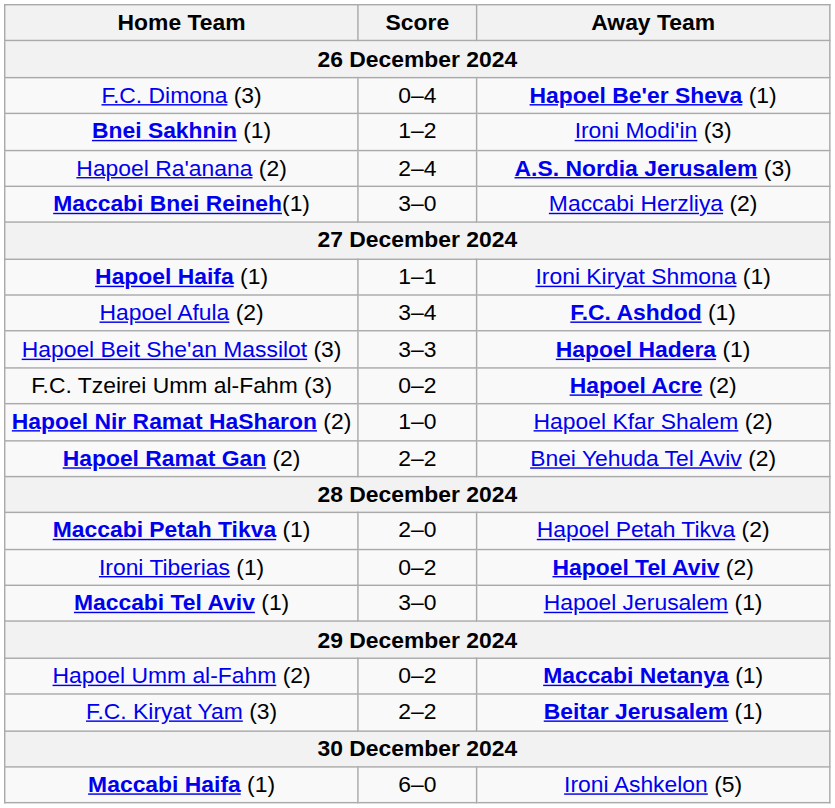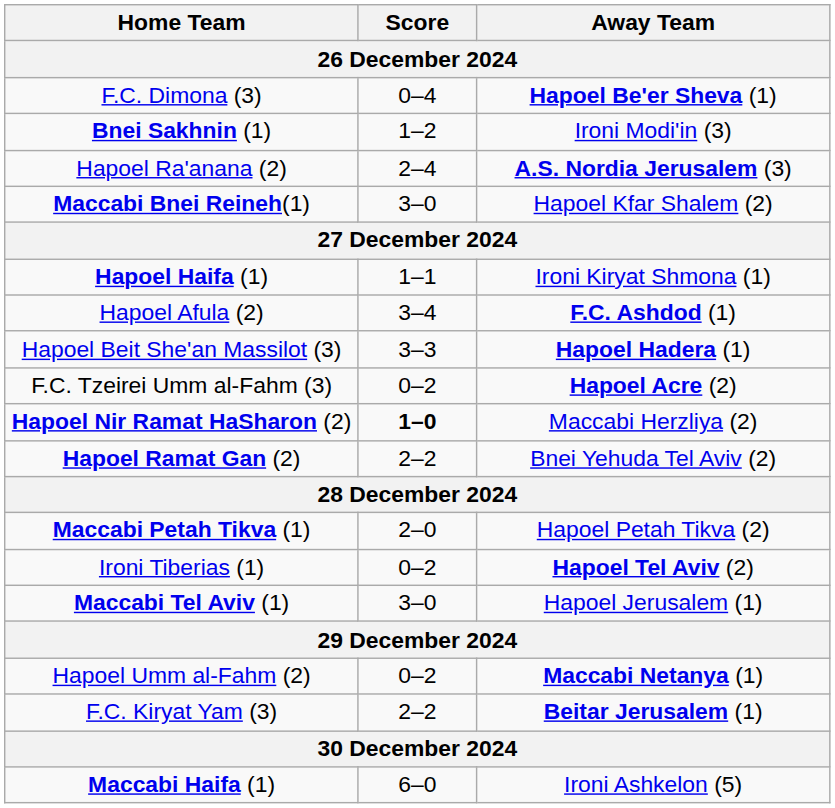 <table class="wikitable" style="text-align: center;">
 <tr>
 <th width="240px">Home Team</th>
 <th width="75px">Score</th>
 <th width="240px">Away Team</th>
 </tr>
 <tr>
 <th colspan=3>26 December 2024</th>
 </tr>
 <tr>
 <td><a href='#'>F.C. Dimona</a> (3)</td>
 <td>0–4</td>
 <td><strong><a href='#'>Hapoel Be'er Sheva</a></strong> (1)</td>
 </tr>
 <tr>
 <td><strong><a href='#'>Bnei Sakhnin</a></strong> (1)</td>
 <td>1–2</td>
 <td><a href='#'>Ironi Modi'in</a> (3)</td>
 </tr>
 <tr>
 <td><a href='#'>Hapoel Ra'anana</a> (2)</td>
 <td>2–4</td>
 <td><strong><a href='#'>A.S. Nordia Jerusalem</a></strong> (3)</td>
 </tr>
 <tr>
 <td><strong><a href='#'>Maccabi Bnei Reineh</a></strong>(1)</td>
 <td>3–0</td>
-<td><a href='#'>Maccabi Herzliya</a> (2)</td>
+<td><a href='#'>Hapoel Kfar Shalem</a> (2)</td>
 </tr>
 <tr>
 <th colspan=3>27 December 2024</th>
 </tr>
 <tr>
 <td><strong><a href='#'>Hapoel Haifa</a></strong> (1)</td>
 <td>1–1 </td>
 <td><a href='#'>Ironi Kiryat Shmona</a> (1)</td>
 </tr>
 <tr>
 <td><a href='#'>Hapoel Afula</a> (2)</td>
 <td>3–4 </td>
 <td><strong><a href='#'>F.C. Ashdod</a></strong> (1)</td>
 </tr>
 <tr>
 <td><a href='#'>Hapoel Beit She'an Massilot</a> (3)</td>
 <td>3–3 </td>
 <td><strong><a href='#'>Hapoel Hadera</a></strong> (1)</td>
 </tr>
 <tr>
 <td>F.C. Tzeirei Umm al-Fahm (3)</td>
 <td>0–2</td>
 <td><strong><a href='#'>Hapoel Acre</a></strong> (2)</td>
 </tr>
 <tr>
 <td><strong><a href='#'>Hapoel Nir Ramat HaSharon</a></strong> (2)</td>
-<td>1–0</td>
-<td><a href='#'>Hapoel Kfar Shalem</a> (2)</td>
+<td><strong>1–0</strong></td>
+<td><a href='#'>Maccabi Herzliya</a> (2)</td>
 </tr>
 <tr>
 <td><strong><a href='#'>Hapoel Ramat Gan</a></strong> (2)</td>
 <td>2–2 </td>
 <td><a href='#'>Bnei Yehuda Tel Aviv</a> (2)</td>
 </tr>
 <tr>
 <th colspan=3>28 December 2024</th>
 </tr>
 <tr>
 <td><strong><a href='#'>Maccabi Petah Tikva</a></strong> (1)</td>
 <td>2–0</td>
 <td><a href='#'>Hapoel Petah Tikva</a> (2)</td>
 </tr>
 <tr>
 <td><a href='#'>Ironi Tiberias</a> (1)</td>
 <td>0–2</td>
 <td><strong><a href='#'>Hapoel Tel Aviv</a></strong> (2)</td>
 </tr>
 <tr>
 <td><strong><a href='#'>Maccabi Tel Aviv</a></strong> (1)</td>
 <td>3–0</td>
 <td><a href='#'>Hapoel Jerusalem</a> (1)</td>
 </tr>
 <tr>
 <th colspan=3>29 December 2024</th>
 </tr>
 <tr>
 <td><a href='#'>Hapoel Umm al-Fahm</a> (2)</td>
 <td>0–2</td>
 <td><strong><a href='#'>Maccabi Netanya</a></strong> (1)</td>
 </tr>
 <tr>
 <td><a href='#'>F.C. Kiryat Yam</a> (3)</td>
 <td>2–2 </td>
 <td><strong><a href='#'>Beitar Jerusalem</a></strong> (1)</td>
 </tr>
 <tr>
 <th colspan=3>30 December 2024</th>
 </tr>
 <tr>
 <td><strong><a href='#'>Maccabi Haifa</a></strong> (1)</td>
 <td>6–0</td>
 <td><a href='#'>Ironi Ashkelon</a> (5)</td>
 </tr>
 </table>
